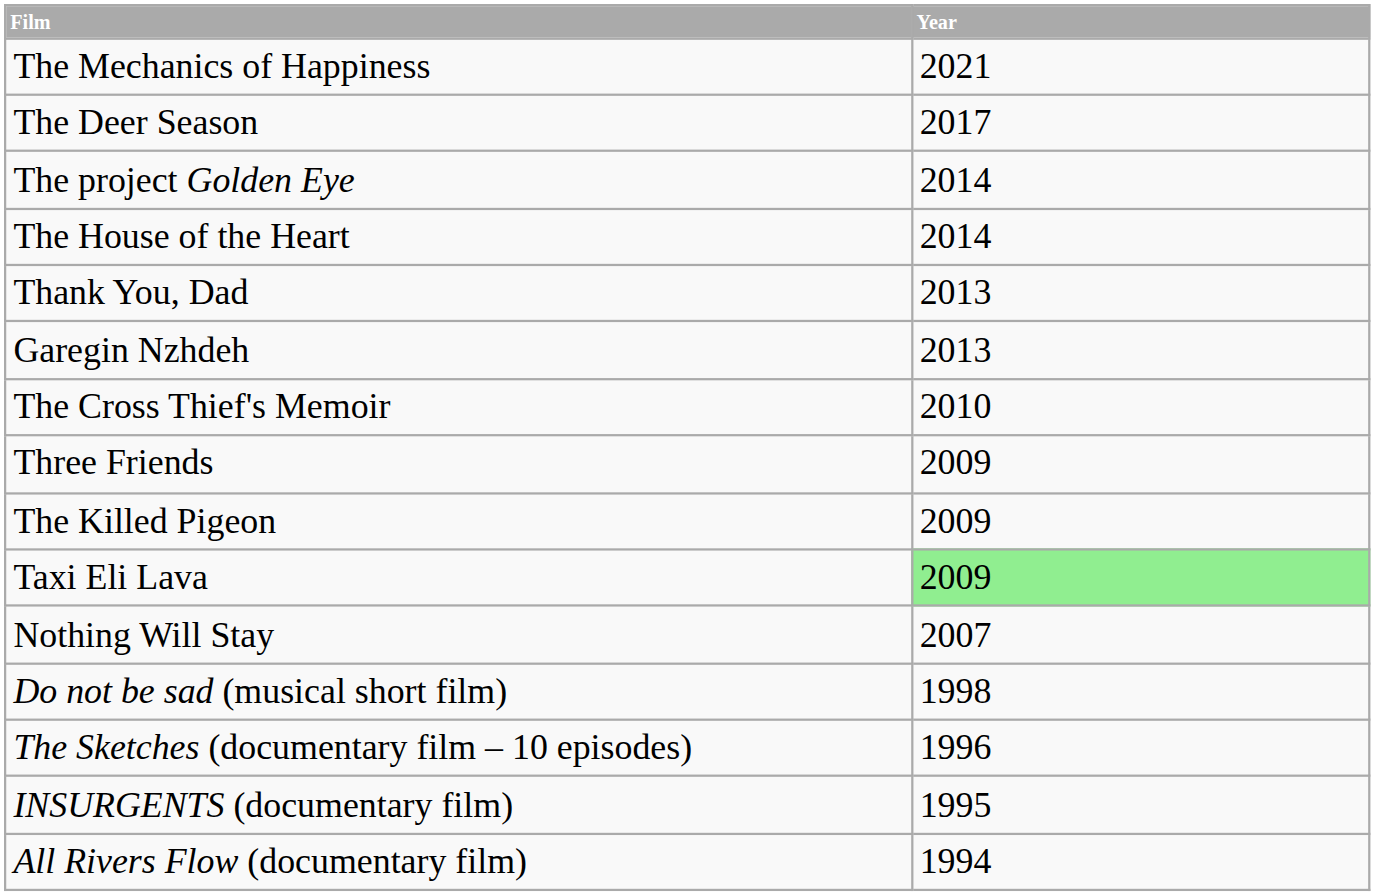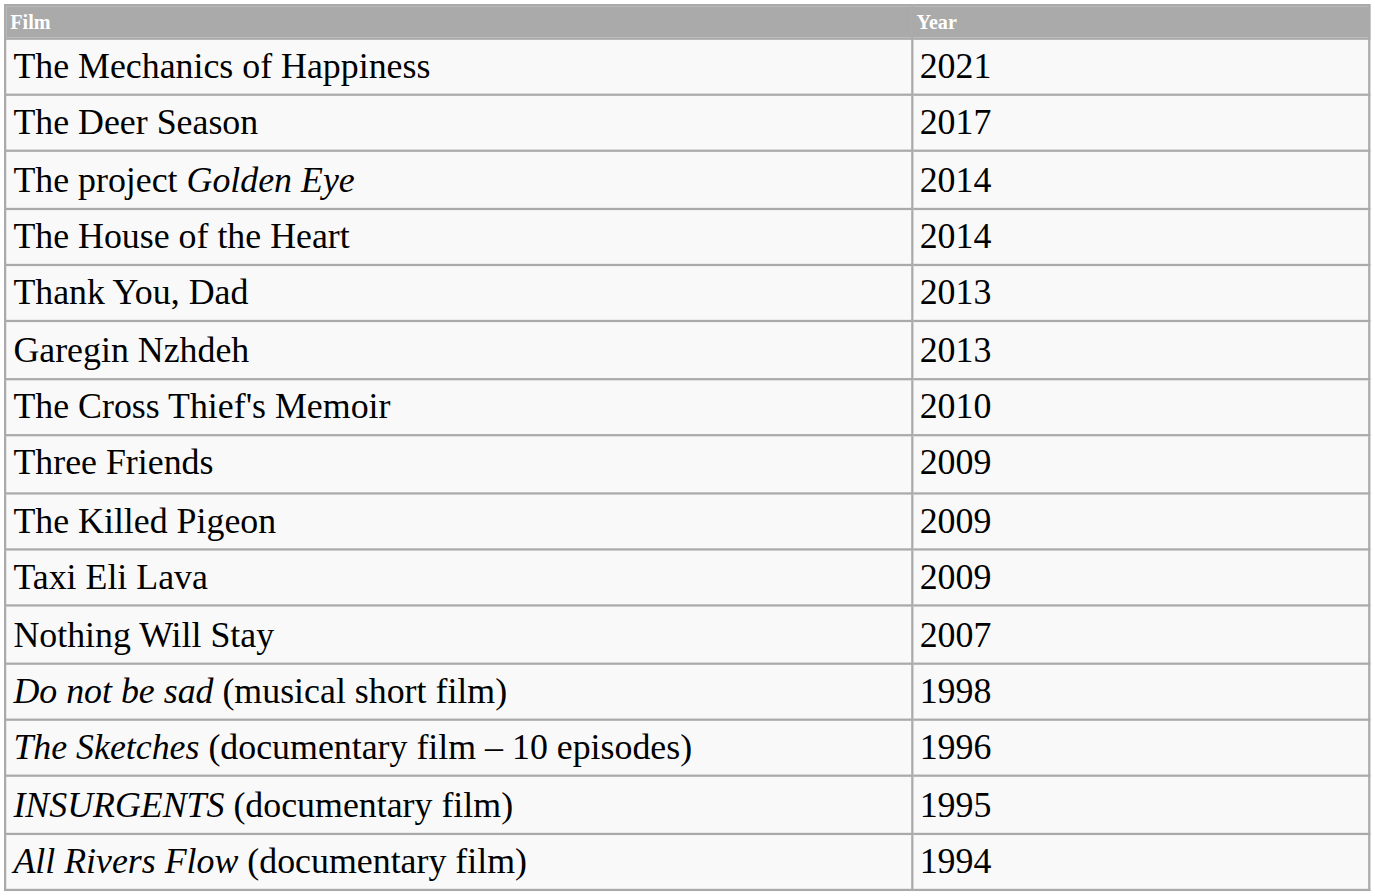 <table class="wikitable">
 <tr>
 <th width="400px" style="font-size:9px;text-align:left;background-color:#aaa;color:#FFF;">Film</th>
 <th width="200px" style="font-size:9px;text-align:left;background-color:#aaa;color:#FFF;">Year</th>
 </tr>
 <tr>
 <td>The Mechanics of Happiness</td>
 <td>2021</td>
 </tr>
 <tr>
 <td>The Deer Season</td>
 <td>2017</td>
 </tr>
 <tr>
 <td>The project <em>Golden Eye</em></td>
 <td>2014</td>
 </tr>
 <tr>
 <td>The House of the Heart</td>
 <td>2014</td>
 </tr>
 <tr>
 <td>Thank You, Dad</td>
 <td>2013</td>
 </tr>
 <tr>
 <td>Garegin Nzhdeh</td>
 <td>2013</td>
 </tr>
 <tr>
 <td>The Cross Thief's Memoir</td>
 <td>2010</td>
 </tr>
 <tr>
 <td>Three Friends</td>
 <td>2009</td>
 </tr>
 <tr>
 <td>The Killed Pigeon</td>
 <td>2009</td>
 </tr>
 <tr>
 <td>Taxi Eli Lava</td>
-<td style="background: lightgreen;">2009</td>
+<td>2009</td>
 </tr>
 <tr>
 <td>Nothing Will Stay</td>
 <td>2007</td>
 </tr>
 <tr>
 <td><em>Do not be sad</em> (musical short film)</td>
 <td>1998</td>
 </tr>
 <tr>
 <td><em>The Sketches</em> (documentary film – 10 episodes)</td>
 <td>1996</td>
 </tr>
 <tr>
 <td><em>INSURGENTS</em> (documentary film)</td>
 <td>1995</td>
 </tr>
 <tr>
 <td><em>All Rivers Flow</em> (documentary film)</td>
 <td>1994</td>
 </tr>
 </table>
